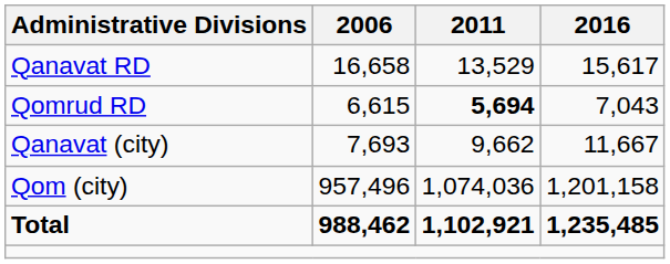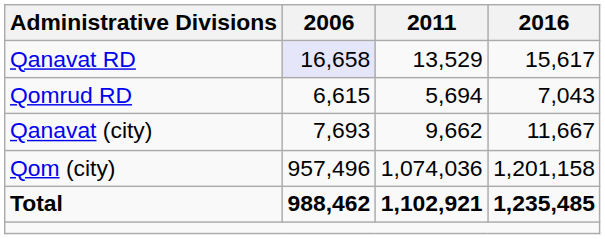 <table class="wikitable">
 <tr>
 <th>Administrative Divisions</th>
 <th>2006</th>
 <th>2011</th>
 <th>2016</th>
 </tr>
 <tr>
 <td><a href='#'>Qanavat RD</a></td>
-<td style="text-align: right;">16,658</td>
+<td style="background: lavender; text-align: right;">16,658</td>
 <td style="text-align: right;">13,529</td>
 <td style="text-align: right;">15,617</td>
 </tr>
 <tr>
 <td><a href='#'>Qomrud RD</a></td>
 <td style="text-align: right;">6,615</td>
-<td style="text-align: right;"><strong>5,694</strong></td>
+<td style="text-align: right;">5,694</td>
 <td style="text-align: right;">7,043</td>
 </tr>
 <tr>
 <td><a href='#'>Qanavat</a> (city)</td>
 <td style="text-align: right;">7,693</td>
 <td style="text-align: right;">9,662</td>
 <td style="text-align: right;">11,667</td>
 </tr>
 <tr>
 <td><a href='#'>Qom</a> (city)</td>
 <td style="text-align: right;">957,496</td>
 <td style="text-align: right;">1,074,036</td>
 <td style="text-align: right;">1,201,158</td>
 </tr>
 <tr>
 <td><strong>Total</strong></td>
 <td style="text-align: right;"><strong>988,462</strong></td>
 <td style="text-align: right;"><strong>1,102,921</strong></td>
 <td style="text-align: right;"><strong>1,235,485</strong></td>
 </tr>
 <tr>
 <td colspan=4></td>
 </tr>
 </table>
